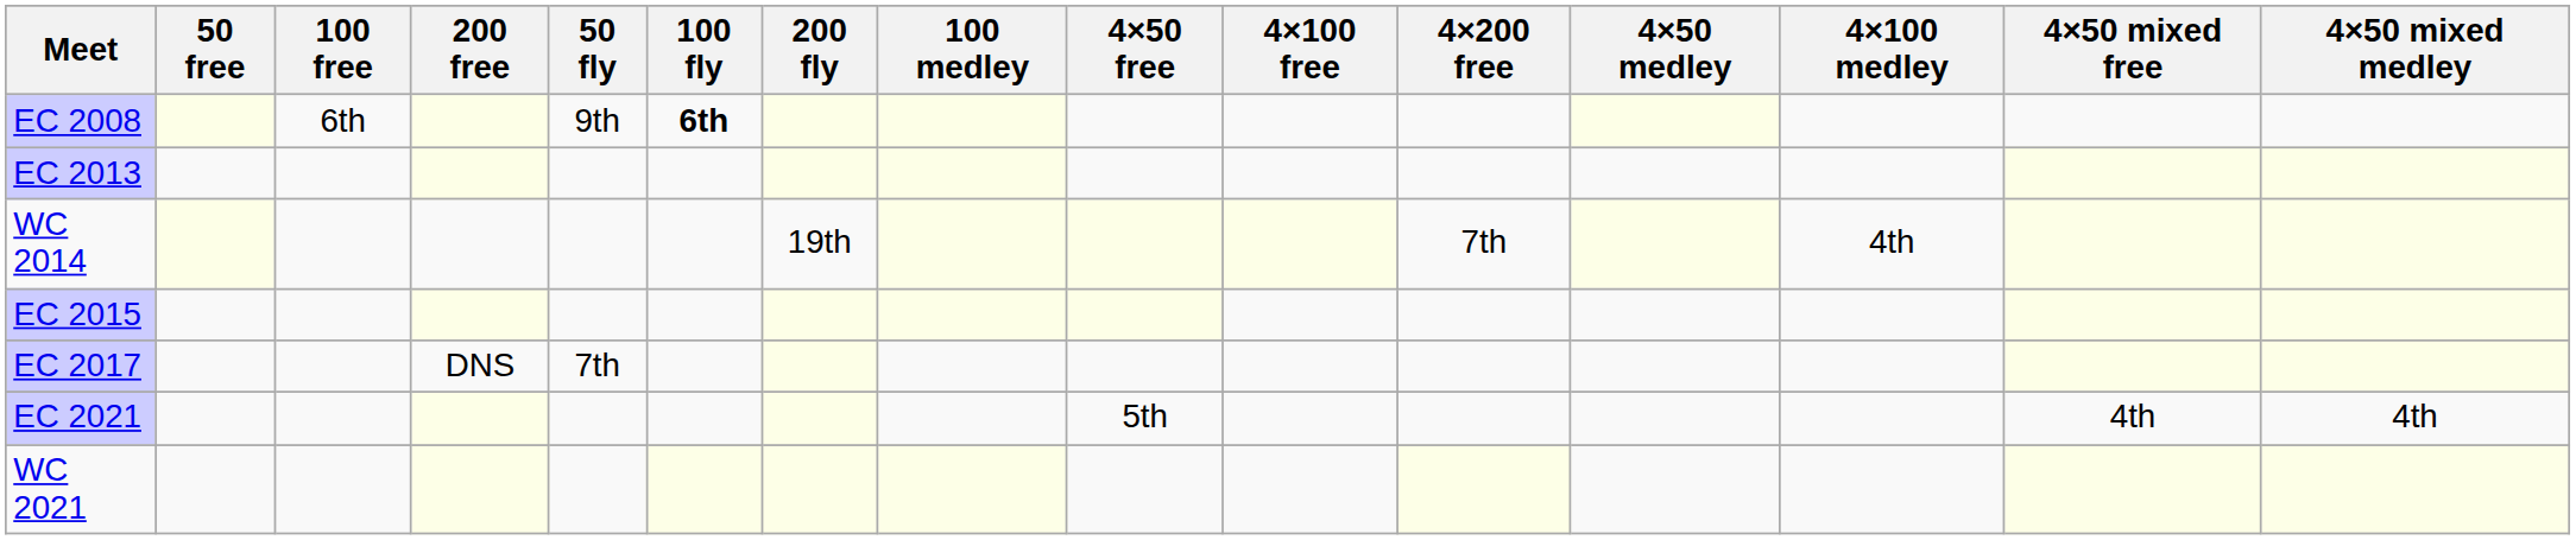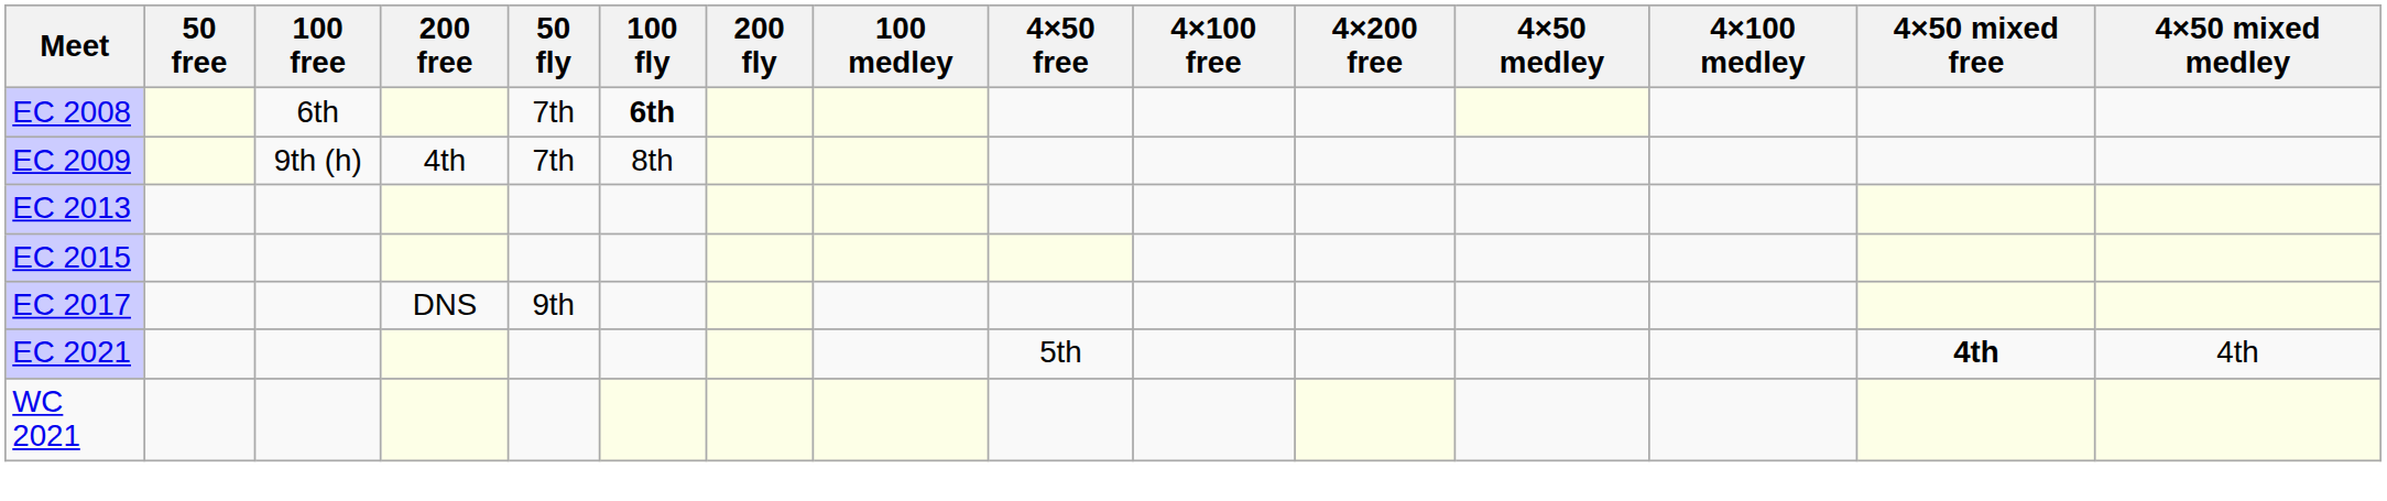 <table class="sortable wikitable">
 <tr>
 <th>Meet</th>
 <th class="unsortable">50 free</th>
 <th class="unsortable">100 free</th>
 <th class="unsortable">200 free</th>
 <th class="unsortable">50 fly</th>
 <th class="unsortable">100 fly</th>
 <th class="unsortable">200 fly</th>
 <th class="unsortable">100 medley</th>
 <th class="unsortable">4×50 free</th>
 <th class="unsortable">4×100 free</th>
 <th class="unsortable">4×200 free</th>
 <th class="unsortable">4×50 medley</th>
 <th class="unsortable">4×100 medley</th>
 <th class="unsortable">4×50 mixed free</th>
 <th class="unsortable">4×50 mixed medley</th>
 </tr>
 <tr>
 <td style="background:#ccccff"><a href='#'>EC 2008</a></td>
 <td style="background:#fdffe7"></td>
 <td align="center">6th</td>
 <td style="background:#fdffe7"></td>
-<td align="center">9th</td>
+<td align="center">7th</td>
 <td align="center"><strong>6th</strong></td>
 <td style="background:#fdffe7"></td>
 <td style="background:#fdffe7"></td>
 <td align="center"></td>
 <td></td>
 <td></td>
 <td style="background:#fdffe7"></td>
+<td></td>
+<td></td>
+<td></td>
+</tr>
+<tr>
+<td style="background:#ccccff"><a href='#'>EC 2009</a></td>
+<td style="background:#fdffe7"></td>
+<td align="center">9th (h)</td>
+<td align="center">4th</td>
+<td align="center">7th</td>
+<td align="center">8th</td>
+<td style="background:#fdffe7"></td>
+<td style="background:#fdffe7"></td>
+<td align="center"></td>
+<td></td>
+<td></td>
+<td align="center"></td>
 <td></td>
 <td></td>
 <td></td>
 </tr>
 <tr>
 <td style="background:#ccccff"><a href='#'>EC 2013</a></td>
 <td align="center"></td>
 <td align="center"></td>
 <td style="background:#fdffe7"></td>
 <td align="center"></td>
 <td align="center"></td>
 <td style="background:#fdffe7"></td>
 <td style="background:#fdffe7"></td>
 <td align="center"></td>
 <td></td>
 <td></td>
 <td align="center"></td>
 <td></td>
-<td style="background:#fdffe7"></td>
-<td style="background:#fdffe7"></td>
-</tr>
-<tr>
-<td><a href='#'>WC 2014</a></td>
-<td style="background:#fdffe7"></td>
-<td align="center"></td>
-<td align="center"></td>
-<td align="center"></td>
-<td align="center"></td>
-<td align="center">19th</td>
-<td style="background:#fdffe7"></td>
-<td style="background:#fdffe7"></td>
-<td style="background:#fdffe7"></td>
-<td align="center">7th</td>
-<td style="background:#fdffe7"></td>
-<td align="center">4th</td>
 <td style="background:#fdffe7"></td>
 <td style="background:#fdffe7"></td>
 </tr>
 <tr>
 <td style="background:#ccccff"><a href='#'>EC 2015</a></td>
 <td align="center"></td>
 <td align="center"></td>
 <td style="background:#fdffe7"></td>
 <td align="center"></td>
 <td align="center"></td>
 <td style="background:#fdffe7"></td>
 <td style="background:#fdffe7"></td>
 <td style="background:#fdffe7"></td>
 <td></td>
 <td></td>
 <td align="center"></td>
 <td></td>
 <td style="background:#fdffe7"></td>
 <td style="background:#fdffe7"></td>
 </tr>
 <tr>
 <td style="background:#ccccff"><a href='#'>EC 2017</a></td>
 <td align="center"></td>
 <td align="center"></td>
 <td align="center">DNS</td>
-<td align="center">7th</td>
+<td align="center">9th</td>
 <td align="center"></td>
 <td style="background:#fdffe7"></td>
 <td align="center"></td>
 <td align="center"></td>
 <td></td>
 <td></td>
 <td align="center"></td>
 <td></td>
 <td style="background:#fdffe7"></td>
 <td style="background:#fdffe7"></td>
 </tr>
 <tr>
 <td style="background:#ccccff"><a href='#'>EC 2021</a></td>
 <td align="center"></td>
 <td align="center"></td>
 <td style="background:#fdffe7"></td>
 <td align="center"></td>
 <td align="center"></td>
 <td style="background:#fdffe7"></td>
 <td align="center"></td>
 <td align="center">5th</td>
 <td></td>
 <td></td>
 <td align="center"></td>
 <td></td>
-<td align="center">4th</td>
+<td align="center"><strong>4th</strong></td>
 <td align="center">4th</td>
 </tr>
 <tr>
 <td><a href='#'>WC 2021</a></td>
 <td align="center"></td>
 <td align="center"></td>
 <td style="background:#fdffe7"></td>
 <td align="center"></td>
 <td style="background:#fdffe7"></td>
 <td style="background:#fdffe7"></td>
 <td style="background:#fdffe7"></td>
 <td align="center"></td>
 <td align="center"></td>
 <td style="background:#fdffe7"></td>
 <td align="center"></td>
 <td align="center"></td>
 <td style="background:#fdffe7"></td>
 <td style="background:#fdffe7"></td>
 </tr>
 </table>
